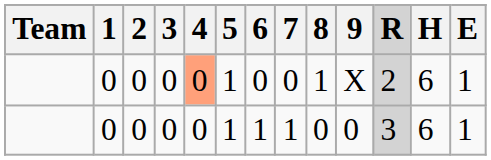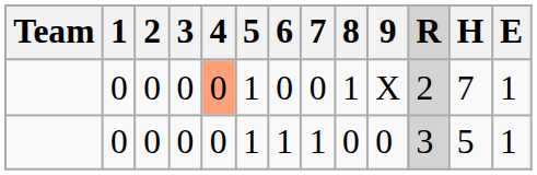 <table class="wikitable">
 <tr>
 <th>Team</th>
 <th>1</th>
 <th>2</th>
 <th>3</th>
 <th>4</th>
 <th>5</th>
 <th>6</th>
 <th>7</th>
 <th>8</th>
 <th>9</th>
 <th style="background-color:lightgrey">R</th>
 <th>H</th>
 <th>E</th>
 </tr>
 <tr>
 <td></td>
 <td>0</td>
 <td>0</td>
 <td>0</td>
 <td style="background: lightsalmon;">0</td>
 <td>1</td>
 <td>0</td>
 <td>0</td>
 <td>1</td>
 <td>X</td>
 <td style="background-color:lightgrey">2</td>
-<td>6</td>
+<td>7</td>
 <td>1</td>
 </tr>
 <tr>
 <td></td>
 <td>0</td>
 <td>0</td>
 <td>0</td>
 <td>0</td>
 <td>1</td>
 <td>1</td>
 <td>1</td>
 <td>0</td>
 <td>0</td>
 <td style="background-color:lightgrey">3</td>
-<td>6</td>
+<td>5</td>
 <td>1</td>
 </tr>
 </table>
